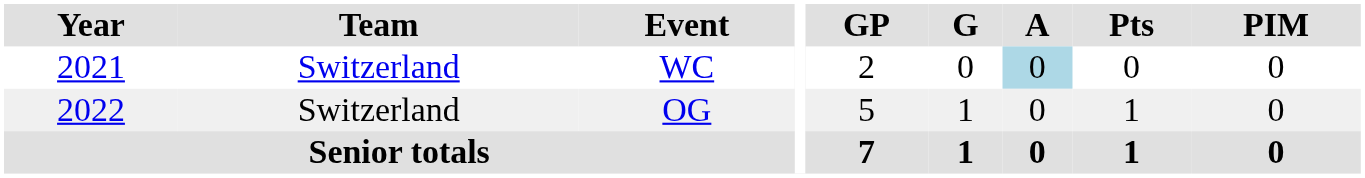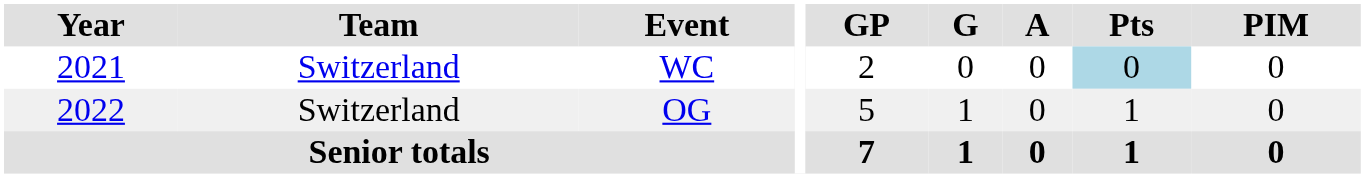 <table border="0" cellpadding="1" cellspacing="0" ID="Table3" style="text-align:center; width:40em">
 <tr ALIGN="center" bgcolor="#e0e0e0">
 <th>Year</th>
 <th>Team</th>
 <th>Event</th>
 <th rowspan="99" bgcolor="#ffffff"></th>
 <th>GP</th>
 <th>G</th>
 <th>A</th>
 <th>Pts</th>
 <th>PIM</th>
 </tr>
 <tr>
 <td><a href='#'>2021</a></td>
 <td><a href='#'>Switzerland</a></td>
 <td><a href='#'>WC</a></td>
 <td>2</td>
 <td>0</td>
+<td>0</td>
 <td style="background: lightblue;">0</td>
-<td>0</td>
 <td>0</td>
 </tr>
 <tr bgcolor="#f0f0f0">
 <td><a href='#'>2022</a></td>
 <td>Switzerland</td>
 <td><a href='#'>OG</a></td>
 <td>5</td>
 <td>1</td>
 <td>0</td>
 <td>1</td>
 <td>0</td>
 </tr>
 <tr bgcolor="#e0e0e0">
 <th colspan="3">Senior totals</th>
 <th>7</th>
 <th>1</th>
 <th>0</th>
 <th>1</th>
 <th>0</th>
 </tr>
 </table>
